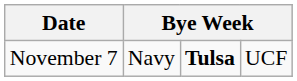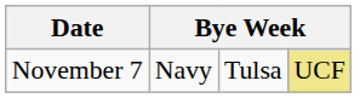 <table class="wikitable" style="font-size:95%;">
 <tr>
 <th>Date</th>
 <th colspan="8">Bye Week</th>
 </tr>
 <tr>
 <td>November 7</td>
 <td>Navy</td>
-<td><strong>Tulsa</strong></td>
-<td>UCF</td>
+<td>Tulsa</td>
+<td style="background: khaki;">UCF</td>
 </tr>
 </table>
